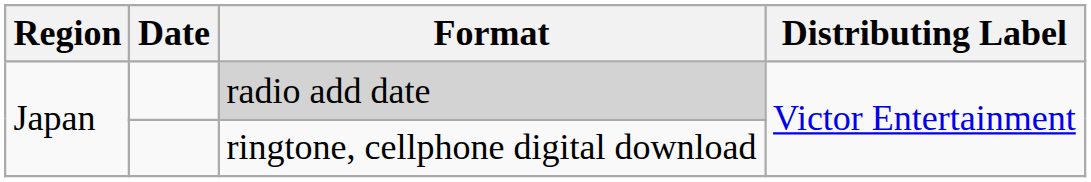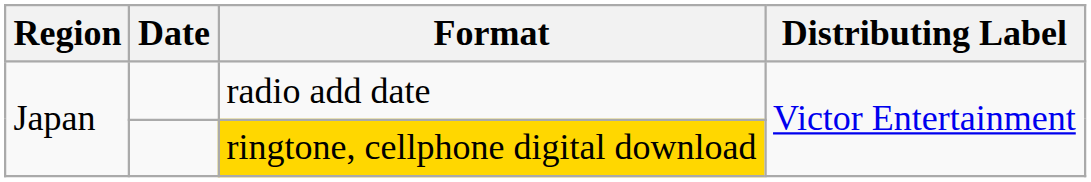 <table class="wikitable">
 <tr>
 <th>Region</th>
 <th>Date</th>
 <th>Format</th>
 <th>Distributing Label</th>
 </tr>
 <tr>
 <td rowspan="2">Japan</td>
 <td></td>
-<td style="background: lightgrey;">radio add date</td>
+<td>radio add date</td>
 <td rowspan="2"><a href='#'>Victor Entertainment</a></td>
 </tr>
 <tr>
 <td></td>
-<td>ringtone, cellphone digital download</td>
+<td style="background: gold;">ringtone, cellphone digital download</td>
 </tr>
 </table>
